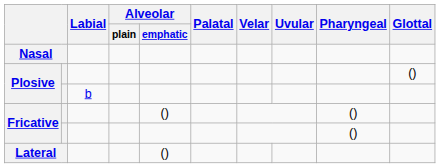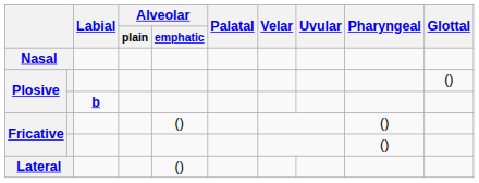 <table class="wikitable" style="text-align:center;">
 <tr>
 <th rowspan=2 colspan=2></th>
 <th rowspan=2><a href='#'>Labial</a></th>
 <th colspan=2><a href='#'>Alveolar</a></th>
 <th rowspan=2><a href='#'>Palatal</a></th>
 <th rowspan=2><a href='#'>Velar</a></th>
 <th rowspan=2><a href='#'>Uvular</a></th>
 <th rowspan=2><a href='#'>Pharyngeal</a></th>
 <th rowspan=2><a href='#'>Glottal</a></th>
 </tr>
 <tr>
 <th><small>plain</small></th>
 <th><small><a href='#'>emphatic</a></small></th>
 </tr>
 <tr>
 <th colspan=2><a href='#'>Nasal</a></th>
 <td></td>
 <td></td>
 <td></td>
 <td></td>
 <td></td>
 <td></td>
 <td></td>
 <td></td>
 </tr>
 <tr>
 <th rowspan=2><a href='#'>Plosive</a></th>
 <th></th>
 <td></td>
 <td></td>
 <td></td>
 <td></td>
 <td></td>
 <td></td>
 <td></td>
 <td>()</td>
 </tr>
 <tr>
 <th></th>
-<td><a href='#'>b</a></td>
+<td><strong><a href='#'>b</a></strong></td>
 <td></td>
 <td></td>
 <td></td>
 <td></td>
 <td></td>
 <td></td>
 <td></td>
 </tr>
 <tr>
 <th rowspan=2><a href='#'>Fricative</a></th>
 <th></th>
 <td></td>
 <td></td>
 <td>()</td>
 <td></td>
 <td colspan="2"></td>
 <td>()</td>
 <td></td>
 </tr>
 <tr>
 <th></th>
 <td></td>
 <td></td>
 <td></td>
 <td></td>
 <td colspan="2"></td>
 <td>()</td>
 <td></td>
 </tr>
 <tr>
 <th colspan=2><a href='#'>Lateral</a></th>
 <td></td>
 <td></td>
 <td>()</td>
 <td></td>
 <td></td>
 <td></td>
 <td></td>
 <td></td>
 </tr>
 </table>
